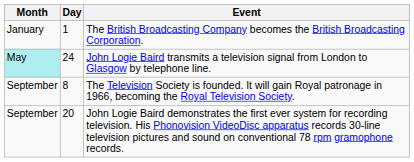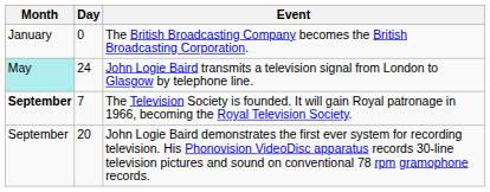 <table width=100% class="wikitable">
 <tr bgcolor="#CCCCFF" align="left">
 <th>Month</th>
 <th>Day</th>
 <th>Event</th>
 </tr>
 <tr valign="top">
 <td>January</td>
-<td>1</td>
+<td>0</td>
 <td>The <a href='#'>British Broadcasting Company</a> becomes the <a href='#'>British Broadcasting Corporation</a>.</td>
 </tr>
 <tr valign="top">
 <td style="background: paleturquoise;">May</td>
 <td>24</td>
 <td><a href='#'>John Logie Baird</a> transmits a television signal from London to <a href='#'>Glasgow</a> by telephone line.</td>
 </tr>
 <tr valign="top">
-<td>September</td>
-<td>8</td>
+<td><strong>September</strong></td>
+<td>7</td>
 <td>The <a href='#'>Television</a> Society is founded. It will gain Royal patronage in 1966, becoming the <a href='#'>Royal Television Society</a>.</td>
 </tr>
 <tr valign="top">
 <td>September</td>
 <td>20</td>
 <td>John Logie Baird demonstrates the first ever system for recording television. His <a href='#'>Phonovision VideoDisc apparatus</a> records 30-line television pictures and sound on conventional 78 <a href='#'>rpm</a> <a href='#'>gramophone</a> records.</td>
 </tr>
 </table>
